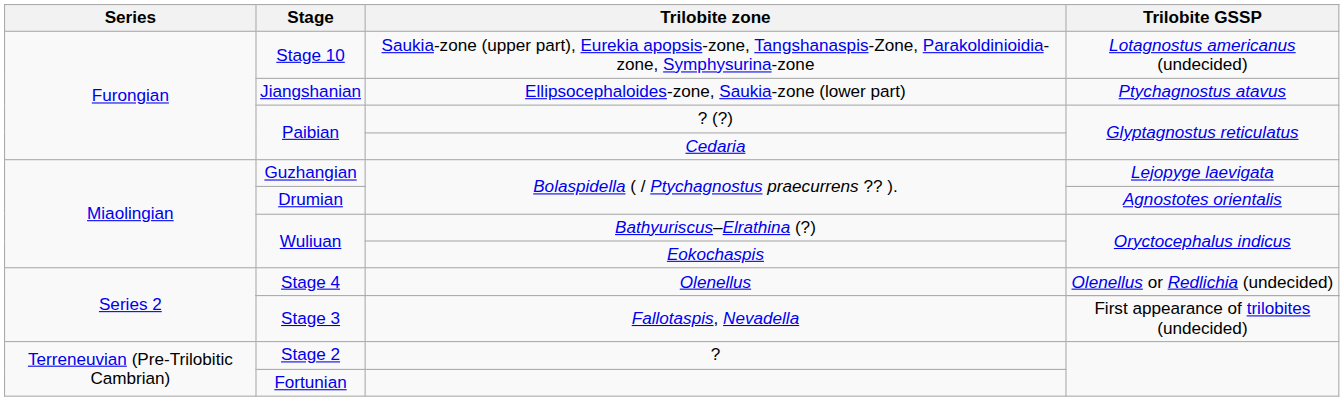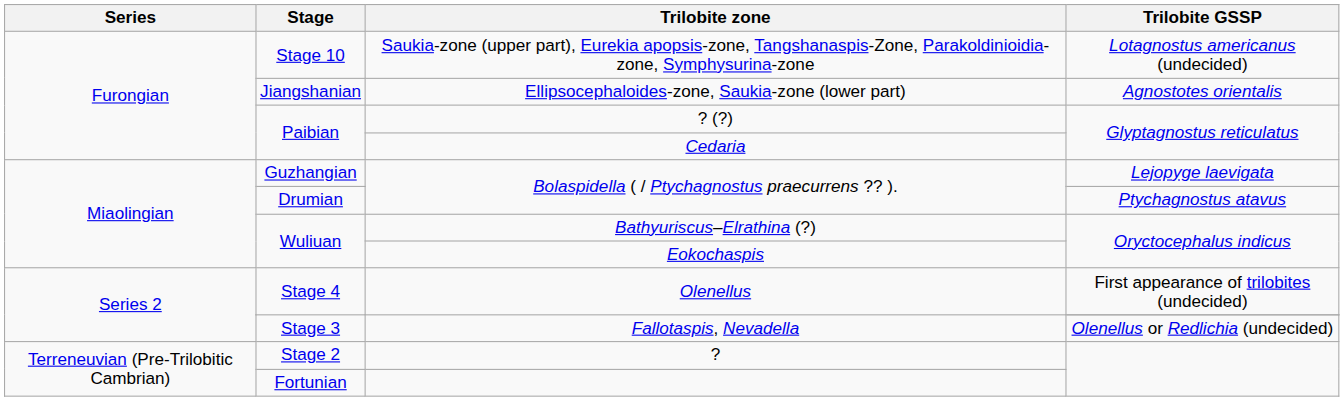 <table class="wikitable" style="text-align:center;">
 <tr>
 <th>Series</th>
 <th>Stage</th>
 <th>Trilobite zone</th>
 <th>Trilobite GSSP</th>
 </tr>
 <tr>
 <td rowspan=4 style="background-color:"><a href='#'>Furongian</a></td>
 <td style="background-color:"><a href='#'>Stage 10</a></td>
 <td><a href='#'>Saukia</a>-zone (upper part), <a href='#'>Eurekia apopsis</a>-zone, <a href='#'>Tangshanaspis</a>-Zone, <a href='#'>Parakoldinioidia</a>-zone, <a href='#'>Symphysurina</a>-zone</td>
 <td><em><a href='#'>Lotagnostus americanus</a></em> (undecided)</td>
 </tr>
 <tr>
 <td style="background-color:"><a href='#'>Jiangshanian</a></td>
 <td><a href='#'>Ellipsocephaloides</a>-zone, <a href='#'>Saukia</a>-zone (lower part) </td>
-<td><em><a href='#'>Ptychagnostus atavus</a></em></td>
+<td><em><a href='#'>Agnostotes orientalis</a></em></td>
 </tr>
 <tr>
 <td rowspan=2 style="background-color:"><a href='#'>Paibian</a></td>
 <td>? (?)</td>
 <td rowspan=2><em><a href='#'>Glyptagnostus reticulatus</a></em></td>
 </tr>
 <tr>
 <td><em><a href='#'>Cedaria</a></em></td>
 </tr>
 <tr>
 <td rowspan=4 style="background-color:"><a href='#'>Miaolingian</a></td>
 <td style="background-color:"><a href='#'>Guzhangian</a></td>
 <td rowspan=2><em><a href='#'>Bolaspidella</a></em> ( / <em><a href='#'>Ptychagnostus</a> praecurrens</em> ?? ).</td>
 <td><em><a href='#'>Lejopyge laevigata</a></em></td>
 </tr>
 <tr>
 <td style="background-color:"><a href='#'>Drumian</a></td>
-<td><em><a href='#'>Agnostotes orientalis</a></em></td>
+<td><em><a href='#'>Ptychagnostus atavus</a></em></td>
 </tr>
 <tr>
 <td rowspan=2 style="background-color:"><a href='#'>Wuliuan</a></td>
 <td><em><a href='#'>Bathyuriscus</a>–<a href='#'>Elrathina</a></em> (?)</td>
 <td rowspan=2><em><a href='#'>Oryctocephalus indicus</a></em></td>
 </tr>
 <tr>
 <td><em><a href='#'>Eokochaspis</a></em></td>
 </tr>
 <tr>
 <td rowspan=3 style="background-color:"><a href='#'>Series 2</a></td>
 <td style="background-color:"><a href='#'>Stage 4</a></td>
 <td rowspan = 2><em><a href='#'>Olenellus</a></em></td>
-<td><em><a href='#'>Olenellus</a></em> or <em><a href='#'>Redlichia</a></em> (undecided)</td>
+<td>First appearance of <a href='#'>trilobites</a> (undecided)</td>
 </tr>
 <tr>
 <td rowspan=2 style="background-color:"><a href='#'>Stage 3</a></td>
 </tr>
 <tr>
 <td><em><a href='#'>Fallotaspis</a></em>, <em><a href='#'>Nevadella</a></em></td>
-<td>First appearance of <a href='#'>trilobites</a> (undecided)</td>
+<td><em><a href='#'>Olenellus</a></em> or <em><a href='#'>Redlichia</a></em> (undecided)</td>
 </tr>
 <tr>
 <td rowspan=2 style="background-color:"><a href='#'>Terreneuvian</a> (Pre-Trilobitic Cambrian)</td>
 <td style="background-color:"><a href='#'>Stage 2</a></td>
 <td>?</td>
 </tr>
 <tr>
 <td style="background-color:"><a href='#'>Fortunian</a></td>
 <td></td>
 </tr>
 </table>
